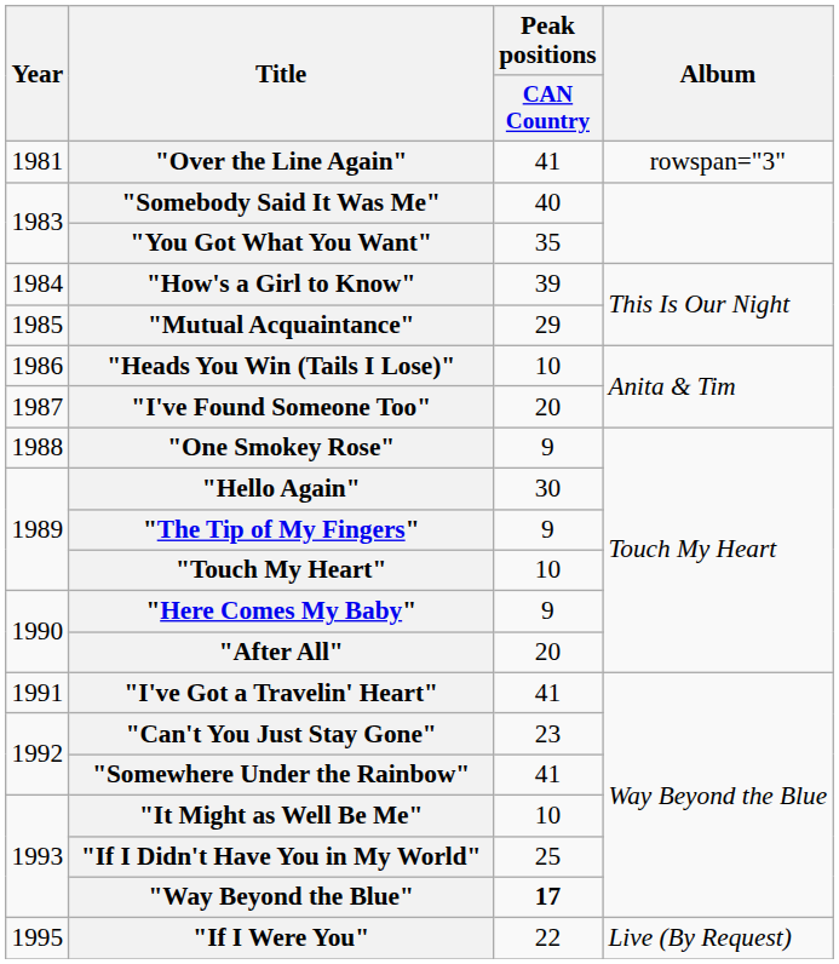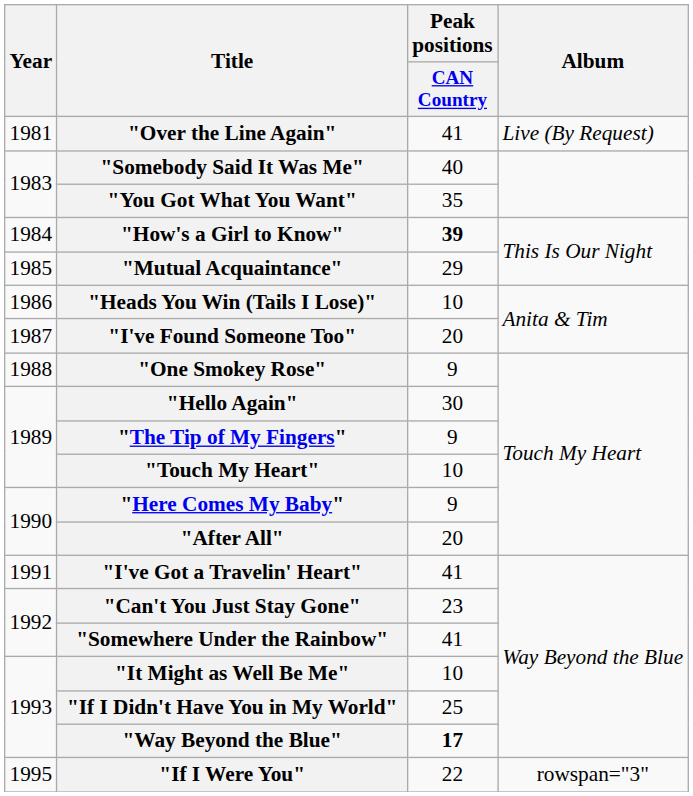 <table class="wikitable plainrowheaders" style=text-align:center;>
 <tr>
 <th scope="col" rowspan="2">Year</th>
 <th scope="col" rowspan="2" style="width:16em;">Title</th>
 <th scope="col" colspan="1">Peak positions</th>
 <th scope="col" rowspan="2">Album</th>
 </tr>
 <tr>
 <th style="width:4em;font-size:90%;"><a href='#'>CAN Country</a></th>
 </tr>
 <tr>
 <td>1981</td>
 <th scope="row">"Over the Line Again"</th>
 <td>41</td>
-<td>rowspan="3" </td>
+<td align="left"><em>Live (By Request)</em></td>
 </tr>
 <tr>
 <td rowspan="2">1983</td>
 <th scope="row">"Somebody Said It Was Me"</th>
 <td>40</td>
 </tr>
 <tr>
 <th scope="row">"You Got What You Want"</th>
 <td>35</td>
 </tr>
 <tr>
 <td>1984</td>
 <th scope="row">"How's a Girl to Know"</th>
-<td>39</td>
+<td><strong>39</strong></td>
 <td align="left" rowspan="2"><em>This Is Our Night</em></td>
 </tr>
 <tr>
 <td>1985</td>
 <th scope="row">"Mutual Acquaintance"</th>
 <td>29</td>
 </tr>
 <tr>
 <td>1986</td>
 <th scope="row">"Heads You Win (Tails I Lose)"</th>
 <td>10</td>
 <td align="left" rowspan="2"><em>Anita & Tim</em></td>
 </tr>
 <tr>
 <td>1987</td>
 <th scope="row">"I've Found Someone Too"</th>
 <td>20</td>
 </tr>
 <tr>
 <td>1988</td>
 <th scope="row">"One Smokey Rose"</th>
 <td>9</td>
 <td align="left" rowspan="6"><em>Touch My Heart</em></td>
 </tr>
 <tr>
 <td rowspan="3">1989</td>
 <th scope="row">"Hello Again"</th>
 <td>30</td>
 </tr>
 <tr>
 <th scope="row">"<a href='#'>The Tip of My Fingers</a>"</th>
 <td>9</td>
 </tr>
 <tr>
 <th scope="row">"Touch My Heart"</th>
 <td>10</td>
 </tr>
 <tr>
 <td rowspan="2">1990</td>
 <th scope="row">"<a href='#'>Here Comes My Baby</a>"</th>
 <td>9</td>
 </tr>
 <tr>
 <th scope="row">"After All"</th>
 <td>20</td>
 </tr>
 <tr>
 <td>1991</td>
 <th scope="row">"I've Got a Travelin' Heart"</th>
 <td>41</td>
 <td align="left" rowspan="6"><em>Way Beyond the Blue</em></td>
 </tr>
 <tr>
 <td rowspan="2">1992</td>
 <th scope="row">"Can't You Just Stay Gone"</th>
 <td>23</td>
 </tr>
 <tr>
 <th scope="row">"Somewhere Under the Rainbow"</th>
 <td>41</td>
 </tr>
 <tr>
 <td rowspan="3">1993</td>
 <th scope="row">"It Might as Well Be Me"</th>
 <td>10</td>
 </tr>
 <tr>
 <th scope="row">"If I Didn't Have You in My World"</th>
 <td>25</td>
 </tr>
 <tr>
 <th scope="row">"Way Beyond the Blue"</th>
 <td><strong>17</strong></td>
 </tr>
 <tr>
 <td>1995</td>
 <th scope="row">"If I Were You"</th>
 <td>22</td>
-<td align="left"><em>Live (By Request)</em></td>
+<td>rowspan="3" </td>
 </tr>
 </table>
